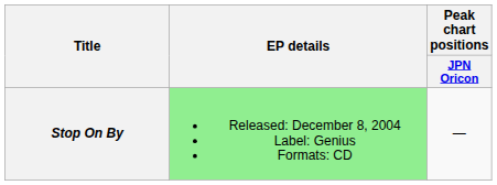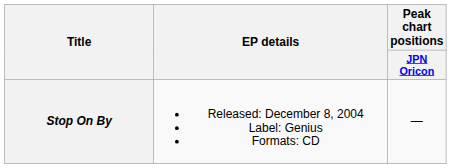 <table class="wikitable plainrowheaders" style="text-align:center;">
 <tr>
 <th scope="col" rowspan="2" style="width:12em;">Title</th>
 <th scope="col" rowspan="2" style="width:19em;">EP details</th>
 <th scope="col" colspan="1">Peak<br>chart<br>positions</th>
 </tr>
 <tr>
 <th scope="col" style="width:2.9em;font-size:90%;"><a href='#'>JPN<br>Oricon</a><br></th>
 </tr>
 <tr>
 <th scope="row"><em>Stop On By</em></th>
-<td style="background: lightgreen;"><br><ul><li>Released: December 8, 2004</li><li>Label: Genius</li><li>Formats: CD</li></ul></td>
+<td><br><ul><li>Released: December 8, 2004</li><li>Label: Genius</li><li>Formats: CD</li></ul></td>
 <td>—</td>
 </tr>
 </table>
